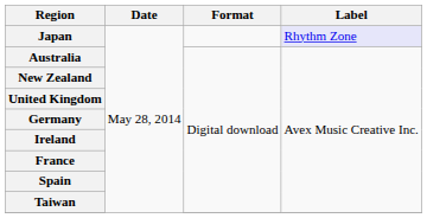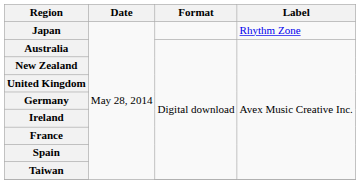 <table class="wikitable plainrowheaders">
 <tr>
 <th scope="col">Region</th>
 <th scope="col">Date</th>
 <th scope="col">Format</th>
 <th scope="col">Label</th>
 </tr>
 <tr>
 <th scope="row">Japan</th>
 <td rowspan="11">May 28, 2014</td>
 <td></td>
-<td style="background: lavender;"><a href='#'>Rhythm Zone</a></td>
+<td><a href='#'>Rhythm Zone</a></td>
 </tr>
 <tr>
 <th scope="row">Australia</th>
 <td rowspan="8">Digital download</td>
 <td rowspan="8">Avex Music Creative Inc.</td>
 </tr>
 <tr>
 <th scope="row">New Zealand</th>
 </tr>
 <tr>
 <th scope="row">United Kingdom</th>
 </tr>
 <tr>
 <th scope="row">Germany</th>
 </tr>
 <tr>
 <th scope="row">Ireland</th>
 </tr>
 <tr>
 <th scope="row">France</th>
 </tr>
 <tr>
 <th scope="row">Spain</th>
 </tr>
 <tr>
 <th scope="row">Taiwan</th>
 </tr>
 <tr>
 </tr>
 </table>
